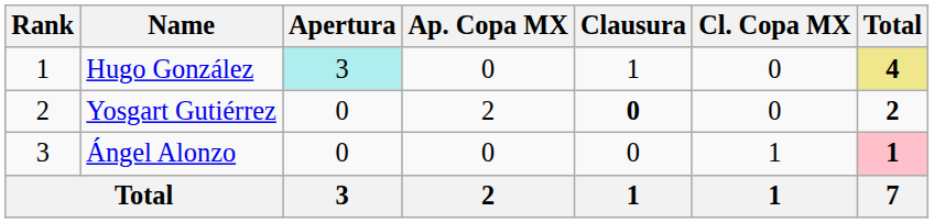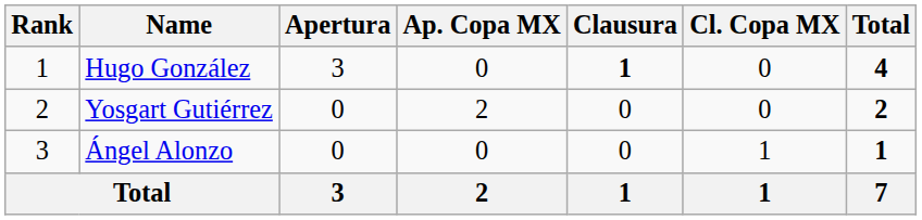 <table class="wikitable" style="text-align: center;">
 <tr>
 <th>Rank</th>
 <th>Name</th>
 <th>Apertura</th>
 <th>Ap. Copa MX</th>
 <th>Clausura</th>
 <th>Cl. Copa MX</th>
 <th>Total</th>
 </tr>
 <tr>
 <td>1</td>
 <td align=left> <a href='#'>Hugo González</a></td>
-<td style="background: paleturquoise;">3</td>
+<td>3</td>
 <td>0</td>
-<td>1</td>
+<td><strong>1</strong></td>
 <td>0</td>
-<td style="background: khaki;"><strong>4</strong></td>
+<td><strong>4</strong></td>
 </tr>
 <tr>
 <td>2</td>
 <td align=left> <a href='#'>Yosgart Gutiérrez</a></td>
 <td>0</td>
 <td>2</td>
-<td><strong>0</strong></td>
+<td>0</td>
 <td>0</td>
 <td><strong>2</strong></td>
 </tr>
 <tr>
 <td>3</td>
 <td align=left> <a href='#'>Ángel Alonzo</a></td>
 <td>0</td>
 <td>0</td>
 <td>0</td>
 <td>1</td>
-<td style="background: pink;"><strong>1</strong></td>
+<td><strong>1</strong></td>
 </tr>
 <tr>
 <th colspan=2>Total</th>
 <th>3</th>
 <th>2</th>
 <th>1</th>
 <th>1</th>
 <th>7</th>
 </tr>
 </table>
